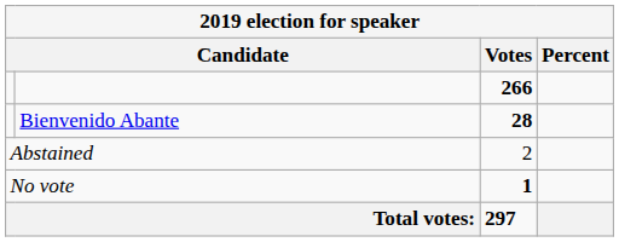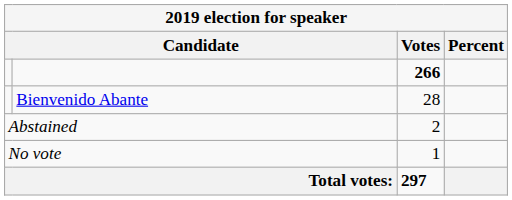 <table class="wikitable">
 <tr>
 <th colspan=4 style="background:#f5f5f5">2019 election for speaker</th>
 </tr>
 <tr>
 <th colspan=2>Candidate</th>
 <th>Votes</th>
 <th>Percent</th>
 </tr>
 <tr>
 <td style="background-color: "></td>
 <td style="width: 22em;"></td>
 <td style="text-align:right"><strong>266</strong></td>
 <td style="text-align:right"><strong></strong></td>
 </tr>
 <tr>
 <td style="background-color: "></td>
 <td {{nowrap><a href='#'>Bienvenido Abante</a> </td>
-<td style="text-align:right"><strong>28</strong></td>
+<td style="text-align:right">28</td>
 <td style="text-align:right"></td>
 </tr>
 <tr>
 <td colspan=2><em>Abstained</em></td>
 <td style="text-align:right">2</td>
 <td style="text-align:right"></td>
 </tr>
 <tr>
 <td colspan=2><em>No vote</em></td>
-<td style="text-align:right"><strong>1</strong></td>
+<td style="text-align:right">1</td>
 <td style="text-align:right"></td>
 </tr>
 <tr>
 <th colspan=2 style="text-align:right">Total votes:</th>
 <td><strong>297</strong></td>
 <th></th>
 </tr>
 </table>
